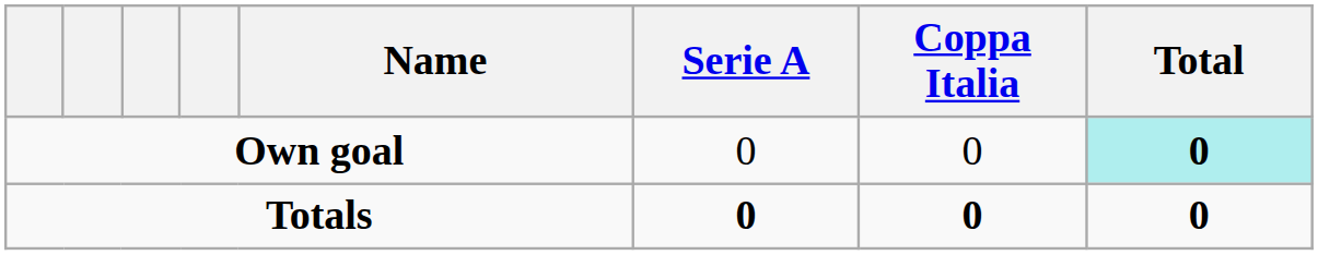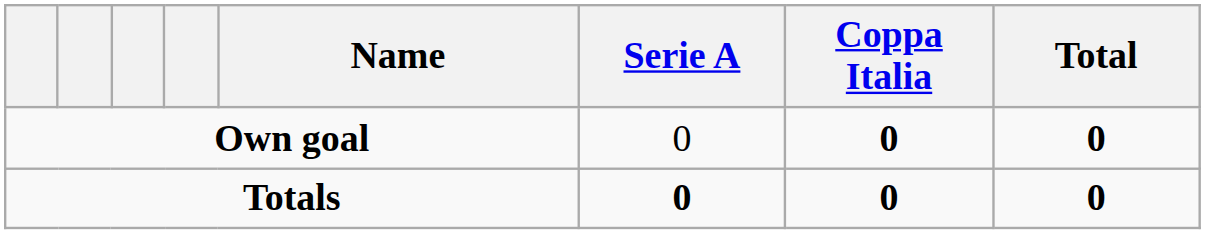 <table class="wikitable" style="text-align:center">
 <tr>
 <th width=15></th>
 <th width=15></th>
 <th width=15></th>
 <th width=15></th>
 <th width=145>Name</th>
 <th width=80><a href='#'>Serie A</a></th>
 <th width=80><a href='#'>Coppa Italia</a></th>
 <th width=80>Total</th>
 </tr>
 <tr>
 <td colspan=5><strong>Own goal</strong></td>
 <td>0</td>
-<td>0</td>
-<td style="background: paleturquoise;"><strong>0</strong></td>
+<td><strong>0</strong></td>
+<td><strong>0</strong></td>
 </tr>
 <tr>
 <td colspan=5><strong>Totals</strong></td>
 <td><strong>0</strong></td>
 <td><strong>0</strong></td>
 <td><strong>0</strong></td>
 </tr>
 </table>
